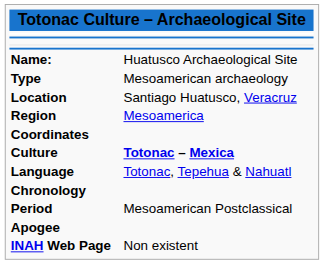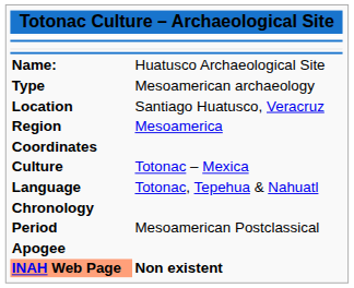 <table class="infobox" style="font-size:90%; text-align:left; width:23.5em">
 <tr>
 <td colspan="3" bgcolor=#1874CD style="text-align: center; font-size: larger;"><span><strong> Totonac Culture – Archaeological Site</strong></span></td>
 </tr>
 <tr style="vertical-align: top; text-align: center;">
 <td colspan=3 bgcolor="#FFFFFF" align="center"></td>
 </tr>
 <tr>
 <td colspan="2" bgcolor=#1874CD></td>
 </tr>
 <tr>
 <td colspan=2></td>
 </tr>
 <tr>
 <td style="background:#efefef;"align="center" colspan="2"></td>
 </tr>
 <tr>
 <td colspan="2" bgcolor=#1874CD></td>
 </tr>
 <tr>
 <td><strong>Name:</strong></td>
 <td><span> Huatusco Archaeological Site</span></td>
 </tr>
 <tr>
 <td><strong>Type</strong></td>
 <td>Mesoamerican archaeology</td>
 </tr>
 <tr>
 <td><strong>Location</strong></td>
 <td>Santiago Huatusco, <a href='#'>Veracruz</a> <br></td>
 </tr>
 <tr>
 <td><strong>Region</strong></td>
 <td><a href='#'>Mesoamerica</a></td>
 </tr>
 <tr>
 <td><strong>Coordinates</strong></td>
 <td></td>
 </tr>
 <tr>
 <td><strong>Culture</strong></td>
-<td><strong><a href='#'>Totonac</a> – <a href='#'>Mexica</a></strong></td>
+<td><a href='#'>Totonac</a> – <a href='#'>Mexica</a></td>
 </tr>
 <tr>
 <td><strong>Language</strong></td>
 <td><a href='#'>Totonac</a>, <a href='#'>Tepehua</a> & <a href='#'>Nahuatl</a></td>
 </tr>
 <tr>
 <td><strong>Chronology</strong></td>
 <td></td>
 </tr>
 <tr>
 <td><strong>Period</strong></td>
 <td>Mesoamerican Postclassical</td>
 </tr>
 <tr>
 <td><strong>Apogee</strong></td>
 <td></td>
 </tr>
 <tr>
-<td><strong><a href='#'>INAH</a> Web Page</strong></td>
-<td>Non existent</td>
+<td style="background: lightsalmon;"><strong><a href='#'>INAH</a> Web Page</strong></td>
+<td><strong>Non existent</strong></td>
 </tr>
 </table>
